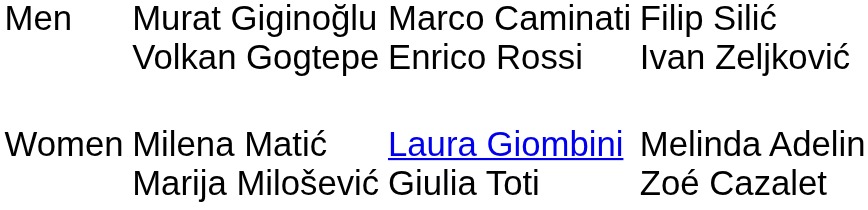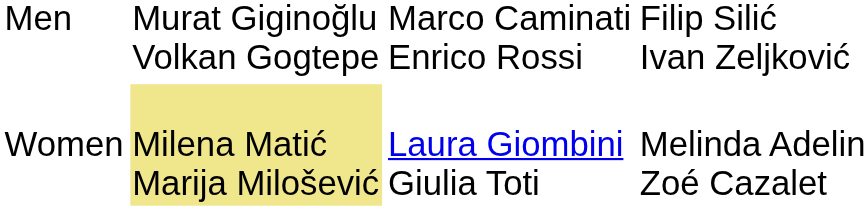 <table>
 <tr>
 <td>Men</td>
 <td nowrap><br>Murat Giginoğlu<br>Volkan Gogtepe</td>
 <td nowrap><br>Marco Caminati<br>Enrico Rossi</td>
 <td><br>Filip Silić<br>Ivan Zeljković</td>
 </tr>
 <tr>
 <td>Women</td>
-<td nowrap><br>Milena Matić<br>Marija Milošević</td>
+<td nowrap style="background: khaki;"><br>Milena Matić<br>Marija Milošević</td>
 <td nowrap><br><a href='#'>Laura Giombini</a><br>Giulia Toti</td>
 <td nowrap><br>Melinda Adelin<br>Zoé Cazalet</td>
 </tr>
 </table>
